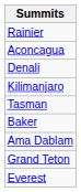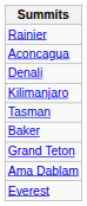 <table class="wikitable">
 <tr>
 <th>Summits</th>
 </tr>
 <tr>
 <td><a href='#'>Rainier</a></td>
 </tr>
 <tr>
 <td><a href='#'>Aconcagua</a></td>
 </tr>
 <tr>
 <td><a href='#'>Denali</a></td>
 </tr>
 <tr>
 <td><a href='#'>Kilimanjaro</a></td>
 </tr>
 <tr>
 <td><a href='#'>Tasman</a></td>
 </tr>
 <tr>
 <td><a href='#'>Baker</a></td>
 </tr>
 <tr>
-<td><a href='#'>Ama Dablam</a></td>
+<td><a href='#'>Grand Teton</a></td>
 </tr>
 <tr>
-<td><a href='#'>Grand Teton</a></td>
+<td><a href='#'>Ama Dablam</a></td>
 </tr>
 <tr>
 <td><a href='#'>Everest</a></td>
 </tr>
 </table>
